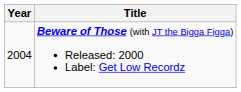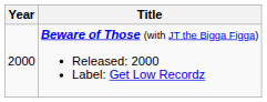 <table class="wikitable">
 <tr>
 <th rowspan="1">Year</th>
 <th rowspan="1">Title</th>
 </tr>
 <tr>
-<td>2004</td>
+<td>2000</td>
 <td><strong><em><a href='#'>Beware of Those</a></em></strong> <small>(with <a href='#'>JT the Bigga Figga</a>)</small><br><ul><li>Released: 2000</li><li>Label: <a href='#'>Get Low Recordz</a></li></ul></td>
 </tr>
 </table>
